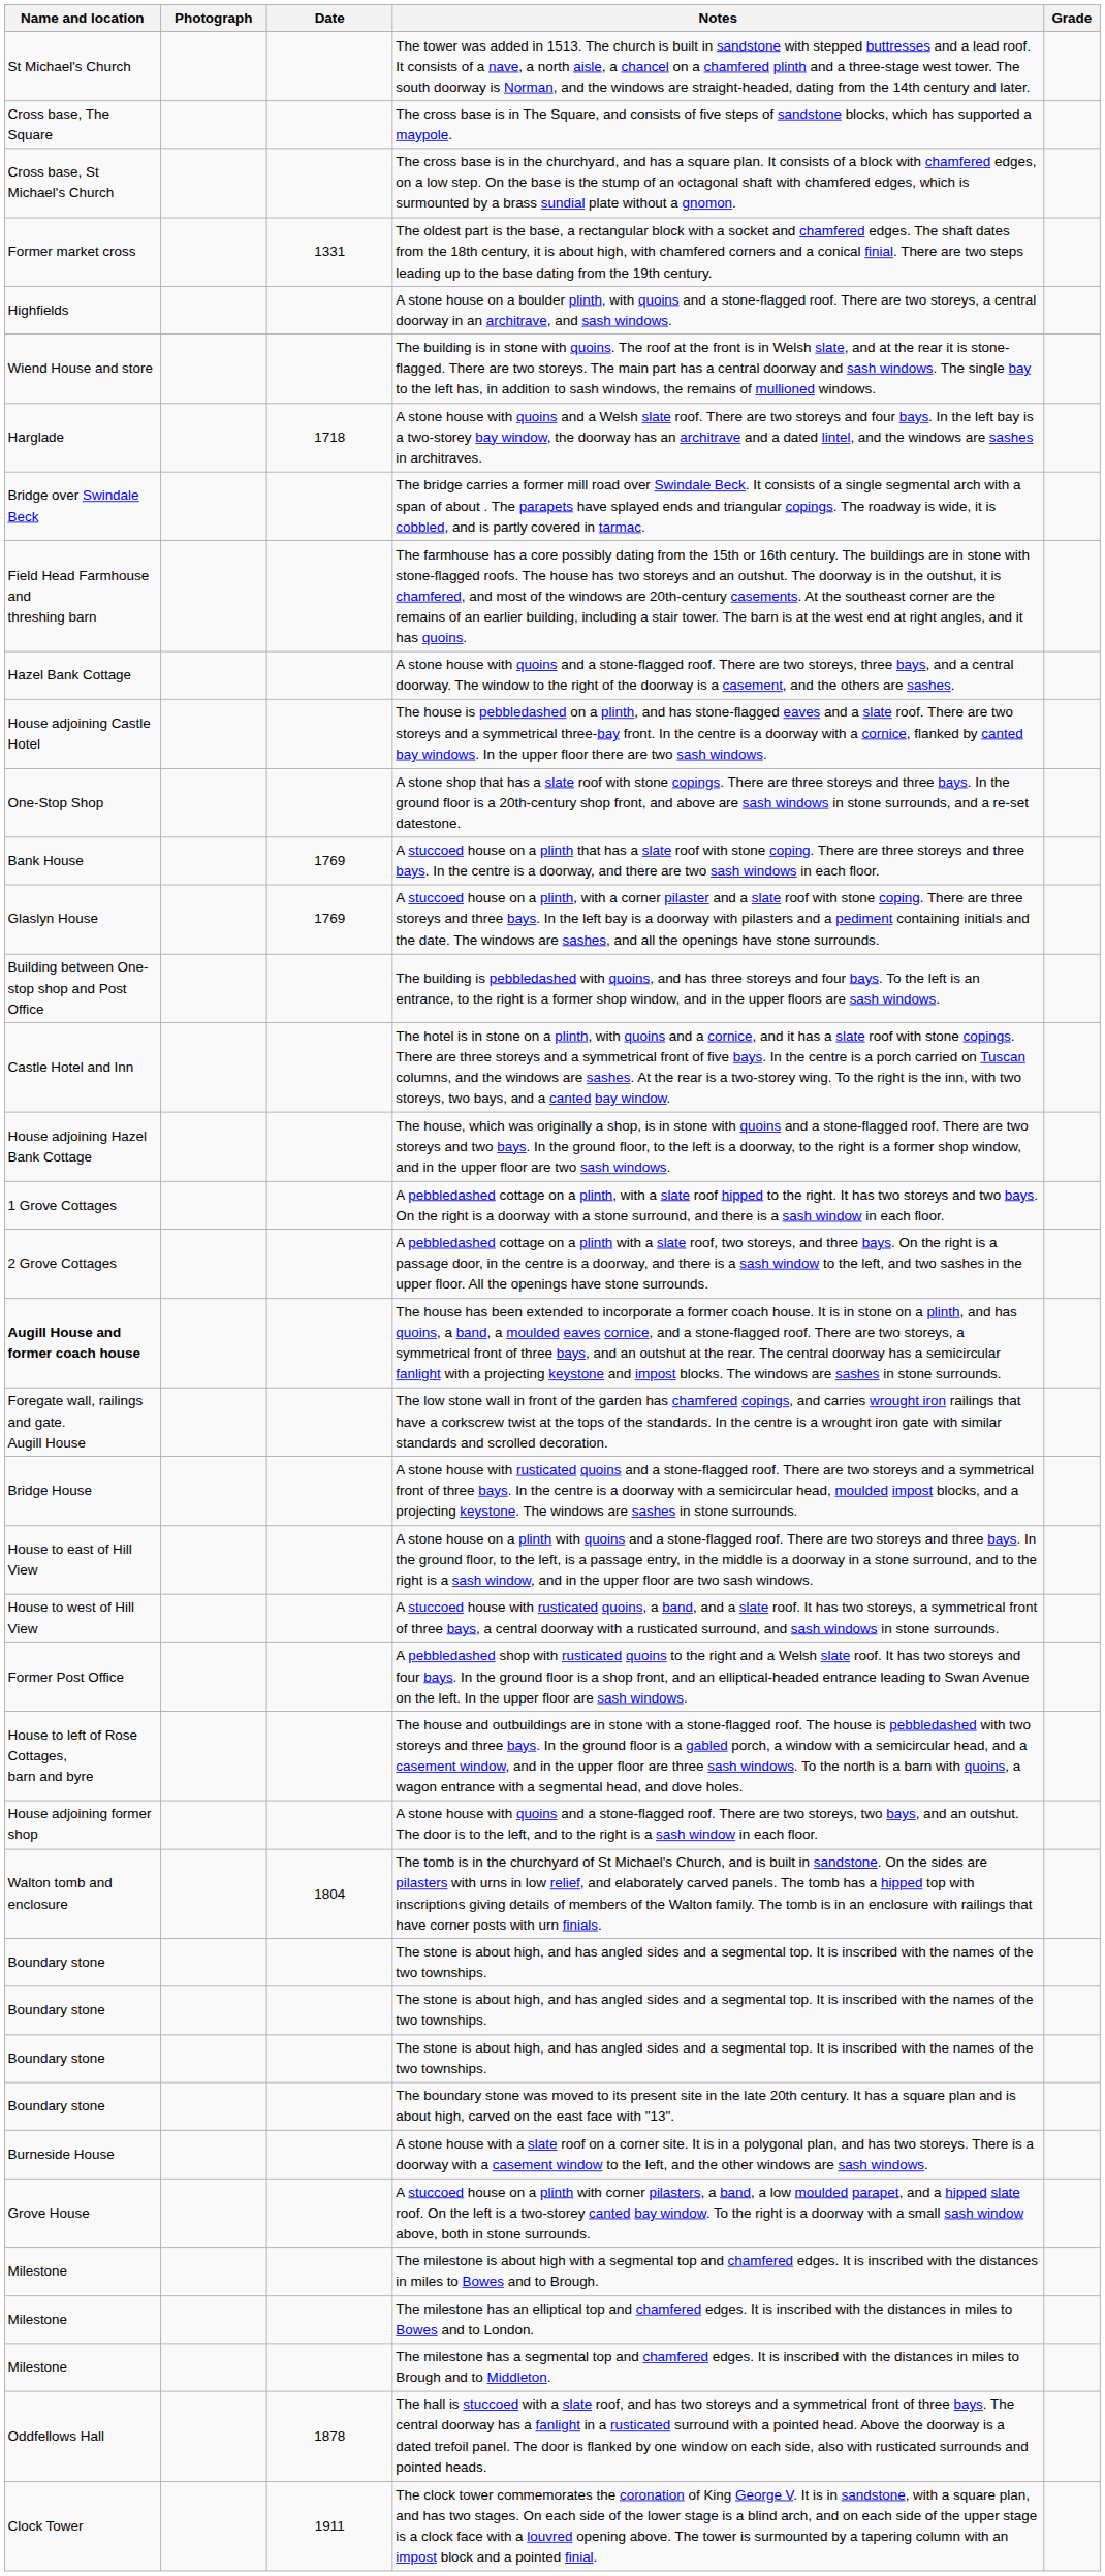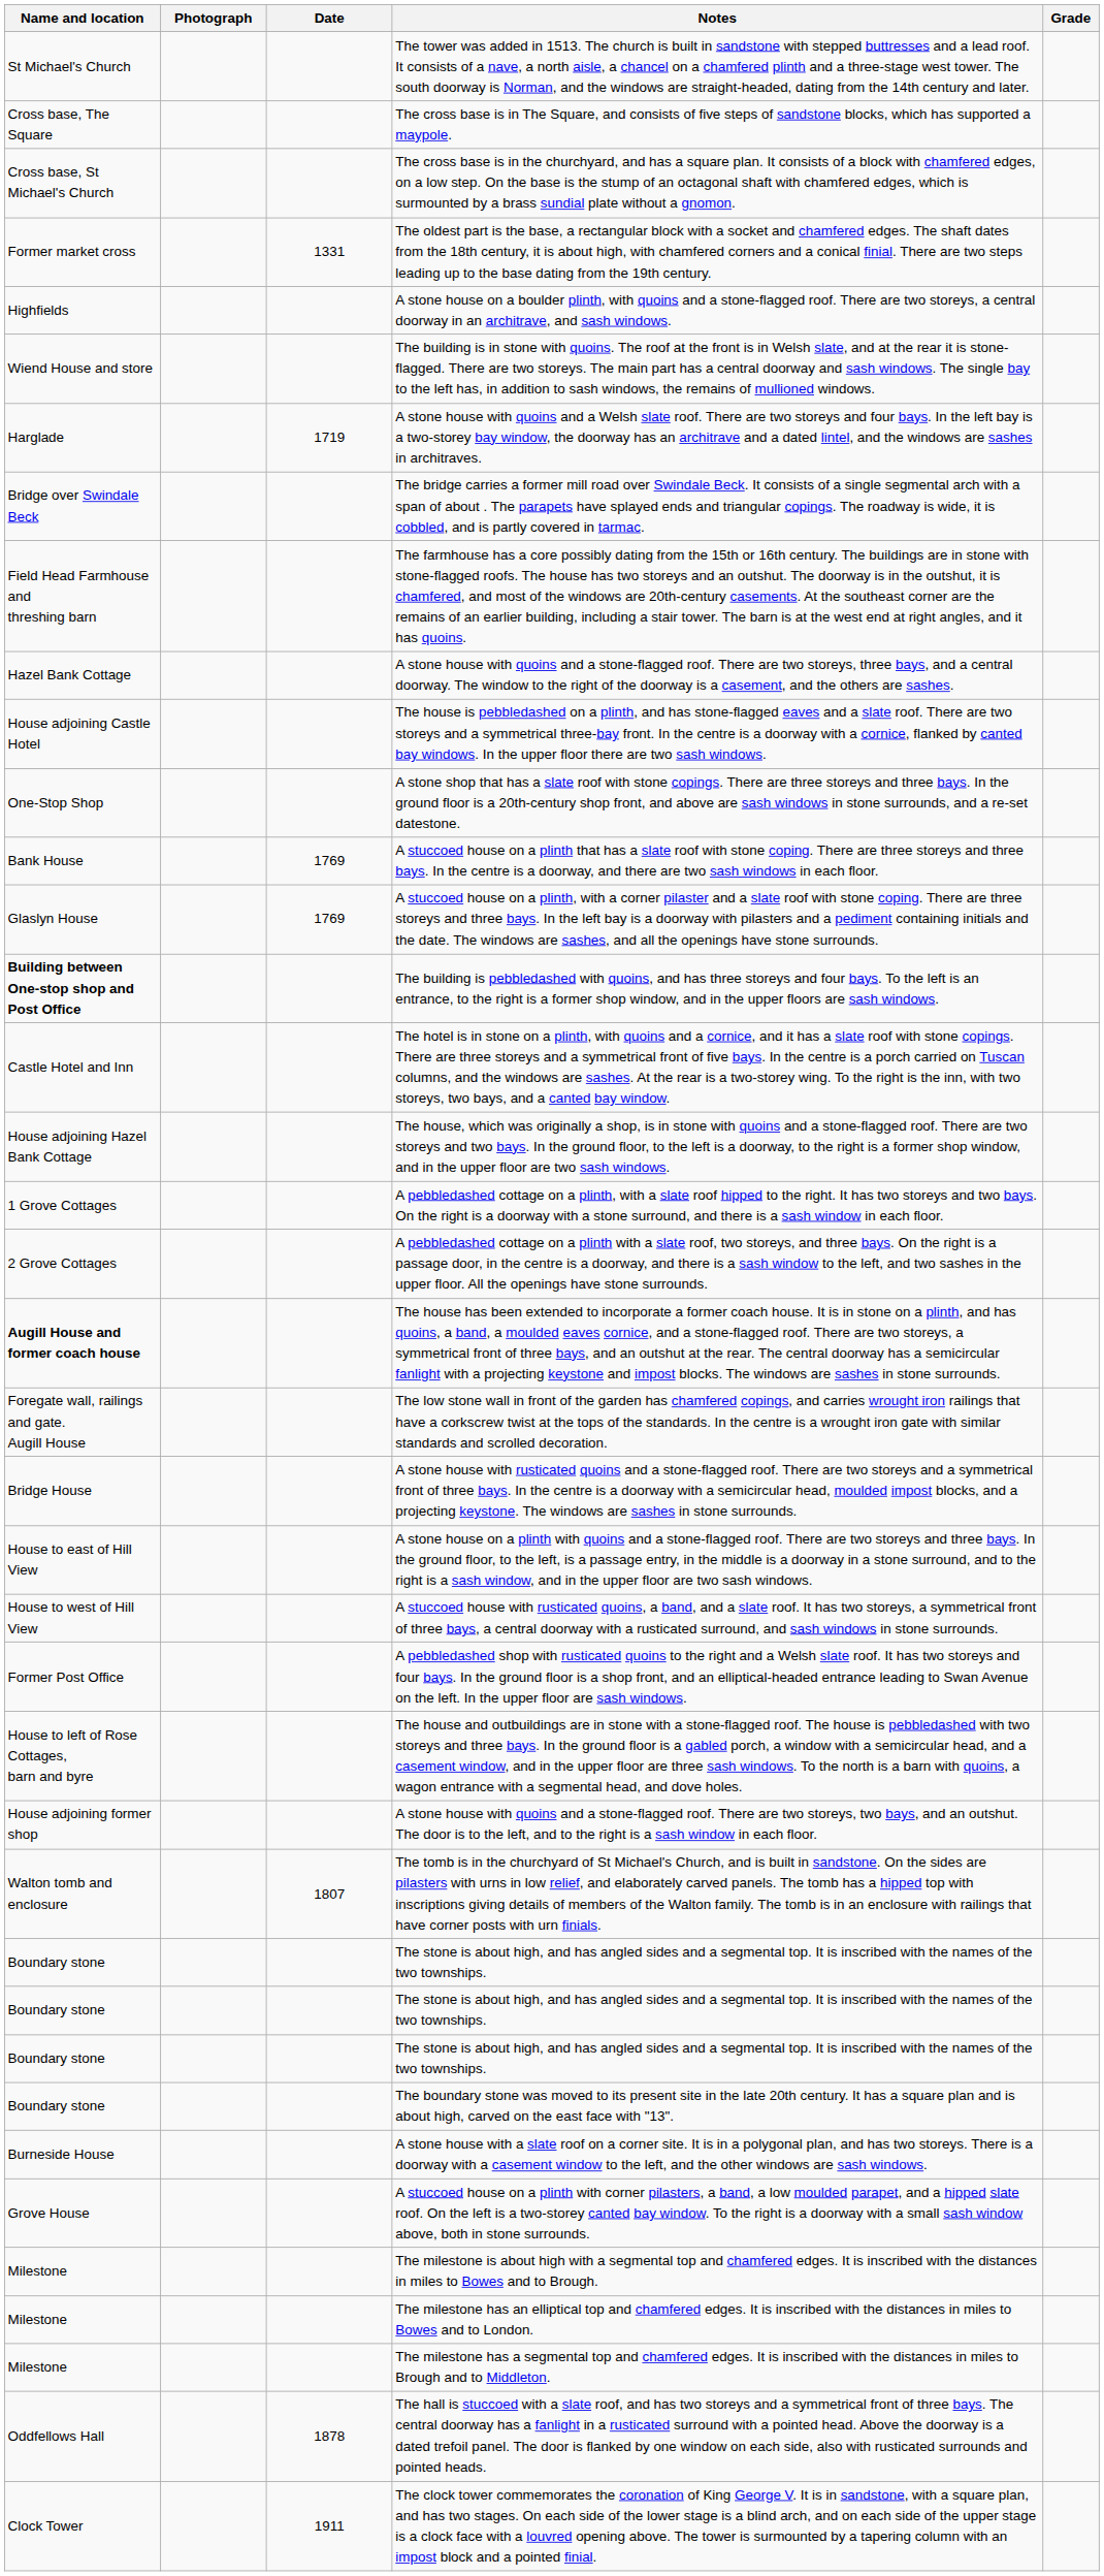 <table class="wikitable sortable plainrowheaders" style="width:100%; border:0; text-align:left; line-height:150%;">
 <tr>
 <th scope="col"  style="width:150px">Name and location</th>
 <th scope="col"  style="width:100px" class="unsortable">Photograph</th>
 <th scope="col"  style="width:120px">Date</th>
 <th scope="col"  style="width:650px" class="unsortable">Notes</th>
 <th scope="col"  style="width:50px">Grade</th>
 </tr>
 <tr>
 <td>St Michael's Church<br><small></small></td>
 <td></td>
 <td align="center"></td>
 <td>The tower was added in 1513.  The church is built in <a href='#'>sandstone</a> with stepped <a href='#'>buttresses</a> and a lead roof.  It consists of a <a href='#'>nave</a>, a north <a href='#'>aisle</a>, a <a href='#'>chancel</a> on a <a href='#'>chamfered</a> <a href='#'>plinth</a> and a three-stage west tower.  The south doorway is <a href='#'>Norman</a>, and the windows are straight-headed, dating from the 14th century and later.</td>
 <td align="center" ></td>
 </tr>
 <tr>
 <td>Cross base, The Square<br><small></small></td>
 <td></td>
 <td align="center"></td>
 <td>The cross base is in The Square, and consists of five steps of <a href='#'>sandstone</a> blocks, which has supported a <a href='#'>maypole</a>.</td>
 <td align="center" ></td>
 </tr>
 <tr>
 <td>Cross base, St Michael's Church<br><small></small></td>
 <td></td>
 <td align="center"></td>
 <td>The cross base is in the churchyard, and has a square plan.  It consists of a block with <a href='#'>chamfered</a> edges, on a low step.  On the base is the stump of an octagonal shaft with chamfered edges, which is surmounted by a brass <a href='#'>sundial</a> plate without a <a href='#'>gnomon</a>.</td>
 <td align="center" ></td>
 </tr>
 <tr>
 <td>Former market cross<br><small></small></td>
 <td></td>
 <td align="center">1331</td>
 <td>The oldest part is the base, a rectangular block with a socket and <a href='#'>chamfered</a> edges.  The shaft dates from the 18th century, it is about  high, with chamfered corners and a conical <a href='#'>finial</a>.  There are two steps leading up to the base dating from the 19th century.</td>
 <td align="center" ></td>
 </tr>
 <tr>
 <td>Highfields<br><small></small></td>
 <td></td>
 <td align="center"></td>
 <td>A stone house on a boulder <a href='#'>plinth</a>, with <a href='#'>quoins</a> and a stone-flagged roof.  There are two storeys, a central doorway in an <a href='#'>architrave</a>, and <a href='#'>sash windows</a>.</td>
 <td align="center" ></td>
 </tr>
 <tr>
 <td>Wiend House and store<br><small></small></td>
 <td></td>
 <td align="center"></td>
 <td>The building is in stone with <a href='#'>quoins</a>.  The roof at the front is in Welsh <a href='#'>slate</a>, and at the rear it is stone-flagged.  There are two storeys.  The main part has a central doorway and <a href='#'>sash windows</a>.  The single <a href='#'>bay</a> to the left has, in addition to sash windows, the remains of <a href='#'>mullioned</a> windows.</td>
 <td align="center" ></td>
 </tr>
 <tr>
 <td>Harglade<br><small></small></td>
 <td></td>
-<td align="center">1718</td>
+<td align="center">1719</td>
 <td>A stone house with <a href='#'>quoins</a> and a Welsh <a href='#'>slate</a> roof.  There are two storeys and four <a href='#'>bays</a>.  In the left bay is a two-storey <a href='#'>bay window</a>, the doorway has an <a href='#'>architrave</a> and a dated <a href='#'>lintel</a>, and the windows are <a href='#'>sashes</a> in architraves.</td>
 <td align="center" ></td>
 </tr>
 <tr>
 <td>Bridge over <a href='#'>Swindale Beck</a><br><small></small></td>
 <td></td>
 <td align="center"></td>
 <td>The bridge carries a former mill road over <a href='#'>Swindale Beck</a>.  It consists of a single segmental arch with a span of about .  The <a href='#'>parapets</a> have splayed ends and triangular <a href='#'>copings</a>.  The roadway is  wide, it is <a href='#'>cobbled</a>, and is partly covered in <a href='#'>tarmac</a>.</td>
 <td align="center" ></td>
 </tr>
 <tr>
 <td>Field Head Farmhouse and<br>threshing barn<br><small></small></td>
 <td></td>
 <td align="center"></td>
 <td>The farmhouse has a core possibly dating from the 15th or 16th century.  The buildings are in stone with stone-flagged roofs.  The house has two storeys and an outshut.  The doorway is in the outshut, it is <a href='#'>chamfered</a>, and most of the windows are 20th-century <a href='#'>casements</a>.  At the southeast corner are the remains of an earlier building, including a stair tower.  The barn is at the west end at right angles, and it has <a href='#'>quoins</a>.</td>
 <td align="center" ></td>
 </tr>
 <tr>
 <td>Hazel Bank Cottage<br><small></small></td>
 <td></td>
 <td align="center"></td>
 <td>A stone house with <a href='#'>quoins</a> and a stone-flagged roof.  There are two storeys, three <a href='#'>bays</a>, and a central doorway.  The window to the right of the doorway is a <a href='#'>casement</a>, and the others are <a href='#'>sashes</a>.</td>
 <td align="center" ></td>
 </tr>
 <tr>
 <td>House adjoining Castle Hotel<br><small></small></td>
 <td></td>
 <td align="center"></td>
 <td>The house is <a href='#'>pebbledashed</a> on a <a href='#'>plinth</a>, and has stone-flagged <a href='#'>eaves</a> and a <a href='#'>slate</a> roof.  There are two storeys and a symmetrical three-<a href='#'>bay</a> front.  In the centre is a doorway with a <a href='#'>cornice</a>, flanked by <a href='#'>canted</a> <a href='#'>bay windows</a>.  In the upper floor there are two <a href='#'>sash windows</a>.</td>
 <td align="center" ></td>
 </tr>
 <tr>
 <td>One-Stop Shop<br><small></small></td>
 <td></td>
 <td align="center"></td>
 <td>A stone shop that has a <a href='#'>slate</a> roof with stone <a href='#'>copings</a>.  There are three storeys and three <a href='#'>bays</a>.  In the ground floor is a 20th-century shop front, and above are <a href='#'>sash windows</a> in stone surrounds, and a re-set datestone.</td>
 <td align="center" ></td>
 </tr>
 <tr>
 <td>Bank House<br><small></small></td>
 <td></td>
 <td align="center">1769</td>
 <td>A <a href='#'>stuccoed</a> house on a <a href='#'>plinth</a> that has a <a href='#'>slate</a> roof with stone <a href='#'>coping</a>.  There are three storeys and three <a href='#'>bays</a>.  In the centre is a doorway, and there are two <a href='#'>sash windows</a> in each floor.</td>
 <td align="center" ></td>
 </tr>
 <tr>
 <td>Glaslyn House<br><small></small></td>
 <td></td>
 <td align="center">1769</td>
 <td>A <a href='#'>stuccoed</a> house on a <a href='#'>plinth</a>, with a corner <a href='#'>pilaster</a> and a <a href='#'>slate</a> roof with stone <a href='#'>coping</a>.  There are three storeys and three <a href='#'>bays</a>.  In the left bay is a doorway with pilasters and a <a href='#'>pediment</a> containing initials and the date.  The windows are <a href='#'>sashes</a>, and all the openings have stone surrounds.</td>
 <td align="center" ></td>
 </tr>
 <tr>
-<td>Building between One-stop shop and Post Office<br><small></small></td>
+<td><strong>Building between One-stop shop and Post Office<br><small></small></strong></td>
 <td></td>
 <td align="center"></td>
 <td>The building is <a href='#'>pebbledashed</a> with <a href='#'>quoins</a>, and has three storeys and four <a href='#'>bays</a>.  To the left is an entrance, to the right is a former shop window, and in the upper floors are <a href='#'>sash windows</a>.</td>
 <td align="center" ></td>
 </tr>
 <tr>
 <td>Castle Hotel and Inn<br><small></small></td>
 <td></td>
 <td align="center"></td>
 <td>The hotel is in stone on a <a href='#'>plinth</a>, with <a href='#'>quoins</a> and a <a href='#'>cornice</a>, and it has a <a href='#'>slate</a> roof with stone <a href='#'>copings</a>.  There are three storeys and a symmetrical front of five <a href='#'>bays</a>.  In the centre is a porch carried on <a href='#'>Tuscan</a> columns, and the windows are <a href='#'>sashes</a>.  At the rear is a two-storey wing.  To the right is the inn, with two storeys, two bays, and a <a href='#'>canted</a> <a href='#'>bay window</a>.</td>
 <td align="center" ></td>
 </tr>
 <tr>
 <td>House adjoining Hazel Bank Cottage<br><small></small></td>
 <td></td>
 <td align="center"></td>
 <td>The house, which was originally a shop, is in stone with <a href='#'>quoins</a> and a stone-flagged roof.  There are two storeys and two <a href='#'>bays</a>.  In the ground floor, to the left is a doorway, to the right is a former shop window, and in the upper floor are two <a href='#'>sash windows</a>.</td>
 <td align="center" ></td>
 </tr>
 <tr>
 <td>1 Grove Cottages<br><small></small></td>
 <td></td>
 <td align="center"></td>
 <td>A <a href='#'>pebbledashed</a> cottage on a <a href='#'>plinth</a>, with a <a href='#'>slate</a> roof <a href='#'>hipped</a> to the right.  It has two storeys and two <a href='#'>bays</a>.  On the right is a doorway with a stone surround, and there is a <a href='#'>sash window</a> in each floor.</td>
 <td align="center" ></td>
 </tr>
 <tr>
 <td>2 Grove Cottages<br><small></small></td>
 <td></td>
 <td align="center"></td>
 <td>A <a href='#'>pebbledashed</a> cottage on a <a href='#'>plinth</a> with a <a href='#'>slate</a> roof, two storeys, and three <a href='#'>bays</a>.  On the right is a passage door, in the centre is a doorway, and there is a <a href='#'>sash window</a> to the left, and two sashes in the upper floor.  All the openings have stone surrounds.</td>
 <td align="center" ></td>
 </tr>
 <tr>
 <td><strong>Augill House and former coach house<br><small></small></strong></td>
 <td></td>
 <td align="center"></td>
 <td>The house has been extended to incorporate a former coach house.  It is in stone on a <a href='#'>plinth</a>, and has <a href='#'>quoins</a>, a <a href='#'>band</a>, a <a href='#'>moulded</a> <a href='#'>eaves</a> <a href='#'>cornice</a>, and a stone-flagged roof.  There are two storeys, a symmetrical front of three <a href='#'>bays</a>, and an outshut at the rear.  The central doorway has a semicircular <a href='#'>fanlight</a> with a projecting <a href='#'>keystone</a> and <a href='#'>impost</a> blocks.  The windows are <a href='#'>sashes</a> in stone surrounds.</td>
 <td align="center" ></td>
 </tr>
 <tr>
 <td>Foregate wall, railings and gate.<br>Augill House<br><small></small></td>
 <td></td>
 <td align="center"></td>
 <td>The low stone wall in front of the garden has <a href='#'>chamfered</a> <a href='#'>copings</a>, and carries <a href='#'>wrought iron</a> railings that have a corkscrew twist at the tops of the standards.  In the centre is a wrought iron gate with similar standards and scrolled decoration.</td>
 <td align="center" ></td>
 </tr>
 <tr>
 <td>Bridge House<br><small></small></td>
 <td></td>
 <td align="center"></td>
 <td>A stone house with <a href='#'>rusticated</a> <a href='#'>quoins</a> and a stone-flagged roof.  There are two storeys and a symmetrical front of three <a href='#'>bays</a>.  In the centre is a doorway with a semicircular head, <a href='#'>moulded</a> <a href='#'>impost</a> blocks, and a projecting <a href='#'>keystone</a>.  The windows are <a href='#'>sashes</a> in stone surrounds.</td>
 <td align="center" ></td>
 </tr>
 <tr>
 <td>House to east of Hill View<br><small></small></td>
 <td></td>
 <td align="center"></td>
 <td>A stone house on a <a href='#'>plinth</a> with <a href='#'>quoins</a> and a stone-flagged roof.  There are two storeys and three <a href='#'>bays</a>.  In the ground floor, to the left, is a passage entry, in the middle is a doorway in a stone surround, and to the right is a <a href='#'>sash window</a>, and in the upper floor are two sash windows.</td>
 <td align="center" ></td>
 </tr>
 <tr>
 <td>House to west of Hill View<br><small></small></td>
 <td></td>
 <td align="center"></td>
 <td>A <a href='#'>stuccoed</a> house with <a href='#'>rusticated</a> <a href='#'>quoins</a>, a <a href='#'>band</a>, and a <a href='#'>slate</a> roof.  It has two storeys, a symmetrical front of three <a href='#'>bays</a>, a central doorway with a rusticated surround, and <a href='#'>sash windows</a> in stone surrounds.</td>
 <td align="center" ></td>
 </tr>
 <tr>
 <td>Former Post Office<br><small></small></td>
 <td></td>
 <td align="center"></td>
 <td>A <a href='#'>pebbledashed</a> shop with <a href='#'>rusticated</a> <a href='#'>quoins</a> to the right and a Welsh <a href='#'>slate</a> roof.  It has two storeys and four <a href='#'>bays</a>.  In the ground floor is a shop front, and an elliptical-headed entrance leading to Swan Avenue on the left.  In the upper floor are <a href='#'>sash windows</a>.</td>
 <td align="center" ></td>
 </tr>
 <tr>
 <td>House to left of Rose Cottages,<br>barn and byre<br><small></small></td>
 <td></td>
 <td align="center"></td>
 <td>The house and outbuildings are in stone with a stone-flagged roof.  The house is <a href='#'>pebbledashed</a> with two storeys and three <a href='#'>bays</a>.  In the ground floor is a <a href='#'>gabled</a> porch, a window with a semicircular head, and a <a href='#'>casement window</a>, and in the upper floor are three <a href='#'>sash windows</a>.  To the north is a barn with <a href='#'>quoins</a>, a wagon entrance with a segmental head, and dove holes.</td>
 <td align="center" ></td>
 </tr>
 <tr>
 <td>House adjoining former shop<br><small></small></td>
 <td></td>
 <td align="center"></td>
 <td>A stone house with <a href='#'>quoins</a> and a stone-flagged roof.  There are two storeys, two <a href='#'>bays</a>, and an outshut.  The door is to the left, and to the right is a <a href='#'>sash window</a> in each floor.</td>
 <td align="center" ></td>
 </tr>
 <tr>
 <td>Walton tomb and enclosure<br><small></small></td>
 <td></td>
-<td align="center">1804</td>
+<td align="center">1807</td>
 <td>The tomb is in the churchyard of St Michael's Church, and is built in <a href='#'>sandstone</a>.  On the sides are <a href='#'>pilasters</a> with urns in low <a href='#'>relief</a>, and elaborately carved panels.  The tomb has a <a href='#'>hipped</a> top with inscriptions giving details of members of the Walton family.  The tomb is in an enclosure with railings that have corner posts with urn <a href='#'>finials</a>.</td>
 <td align="center" ></td>
 </tr>
 <tr>
 <td>Boundary stone<br><small></small></td>
 <td></td>
 <td align="center"></td>
 <td>The stone is about  high, and has angled sides and a segmental top.  It is inscribed with the names of the two townships.</td>
 <td align="center" ></td>
 </tr>
 <tr>
 <td>Boundary stone<br><small></small></td>
 <td></td>
 <td align="center"></td>
 <td>The stone is about  high, and has angled sides and a segmental top.  It is inscribed with the names of the two townships.</td>
 <td align="center" ></td>
 </tr>
 <tr>
 <td>Boundary stone<br><small></small></td>
 <td></td>
 <td align="center"></td>
 <td>The stone is about  high, and has angled sides and a segmental top.  It is inscribed with the names of the two townships.</td>
 <td align="center" ></td>
 </tr>
 <tr>
 <td>Boundary stone<br><small></small></td>
 <td></td>
 <td align="center"></td>
 <td>The boundary stone was moved to its present site in the late 20th century.  It has a square plan and is about  high, carved on the east face with "13".</td>
 <td align="center" ></td>
 </tr>
 <tr>
 <td>Burneside House<br><small></small></td>
 <td></td>
 <td align="center"></td>
 <td>A stone house with a <a href='#'>slate</a> roof on a corner site.  It is in a polygonal plan, and has two storeys.  There is a doorway with a <a href='#'>casement window</a> to the left, and the other windows are <a href='#'>sash windows</a>.</td>
 <td align="center" ></td>
 </tr>
 <tr>
 <td>Grove House<br><small></small></td>
 <td></td>
 <td align="center"></td>
 <td>A <a href='#'>stuccoed</a> house on a <a href='#'>plinth</a> with corner <a href='#'>pilasters</a>, a <a href='#'>band</a>, a low <a href='#'>moulded</a> <a href='#'>parapet</a>, and a <a href='#'>hipped</a> <a href='#'>slate</a> roof.  On the left is a two-storey <a href='#'>canted</a> <a href='#'>bay window</a>.  To the right is a doorway with a small <a href='#'>sash window</a> above, both in stone surrounds.</td>
 <td align="center" ></td>
 </tr>
 <tr>
 <td>Milestone<br><small></small></td>
 <td></td>
 <td align="center"></td>
 <td>The milestone is about  high with a segmental top and <a href='#'>chamfered</a> edges.  It is inscribed with the distances in miles to <a href='#'>Bowes</a> and to Brough.</td>
 <td align="center" ></td>
 </tr>
 <tr>
 <td>Milestone<br><small></small></td>
 <td></td>
 <td align="center"></td>
 <td>The milestone has an elliptical top and <a href='#'>chamfered</a> edges.  It is inscribed with the distances in miles to <a href='#'>Bowes</a> and to London.</td>
 <td align="center" ></td>
 </tr>
 <tr>
 <td>Milestone<br><small></small></td>
 <td></td>
 <td align="center"></td>
 <td>The milestone has a segmental top and <a href='#'>chamfered</a> edges.  It is inscribed with the distances in miles to Brough and to <a href='#'>Middleton</a>.</td>
 <td align="center" ></td>
 </tr>
 <tr>
 <td>Oddfellows Hall<br><small></small></td>
 <td></td>
 <td align="center">1878</td>
 <td>The hall is <a href='#'>stuccoed</a> with a <a href='#'>slate</a> roof, and has two storeys and a symmetrical front of three <a href='#'>bays</a>.  The central doorway has a <a href='#'>fanlight</a> in a <a href='#'>rusticated</a> surround with a pointed head. Above the doorway is a dated trefoil panel.  The door is flanked by one window on each side, also with rusticated surrounds and pointed heads.</td>
 <td align="center" ></td>
 </tr>
 <tr>
 <td>Clock Tower<br><small></small></td>
 <td></td>
 <td align="center">1911</td>
 <td>The clock tower commemorates the <a href='#'>coronation</a> of King <a href='#'>George V</a>.  It is in <a href='#'>sandstone</a>, with a square plan, and has two stages.  On each side of the lower stage is a blind arch, and on each side of the upper stage is a clock face with a <a href='#'>louvred</a> opening above.  The tower is surmounted by a tapering column with an <a href='#'>impost</a> block and a pointed <a href='#'>finial</a>.</td>
 <td align="center" ></td>
 </tr>
 <tr>
 </tr>
 </table>
